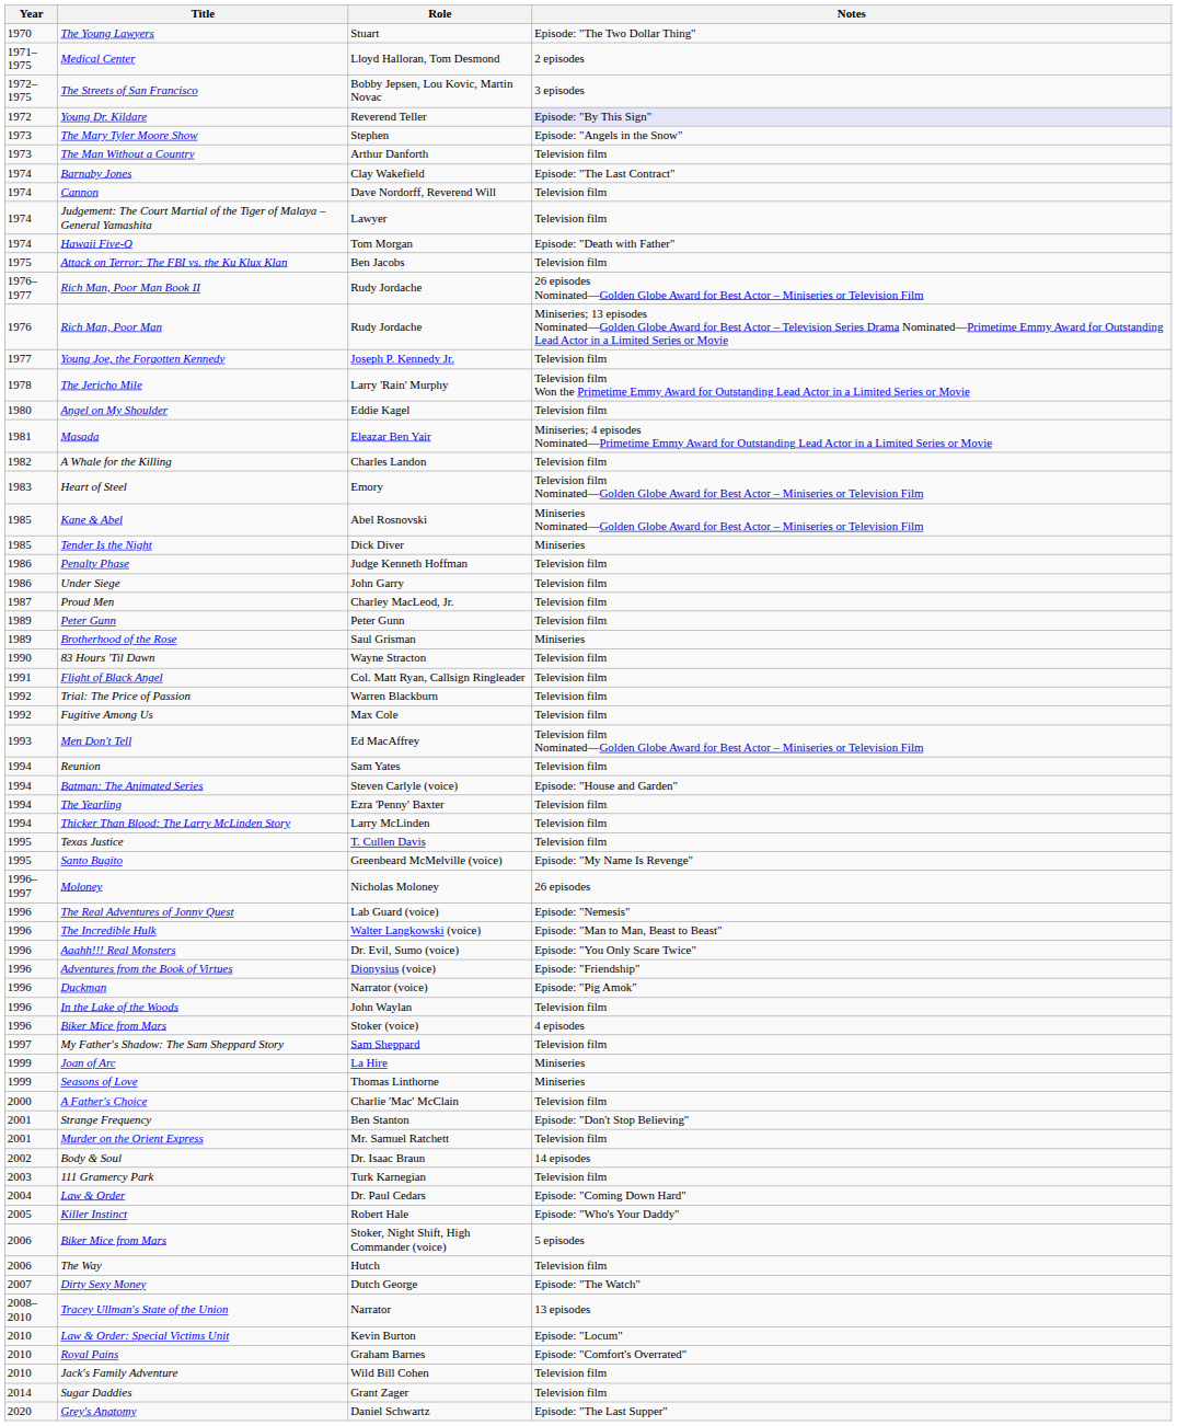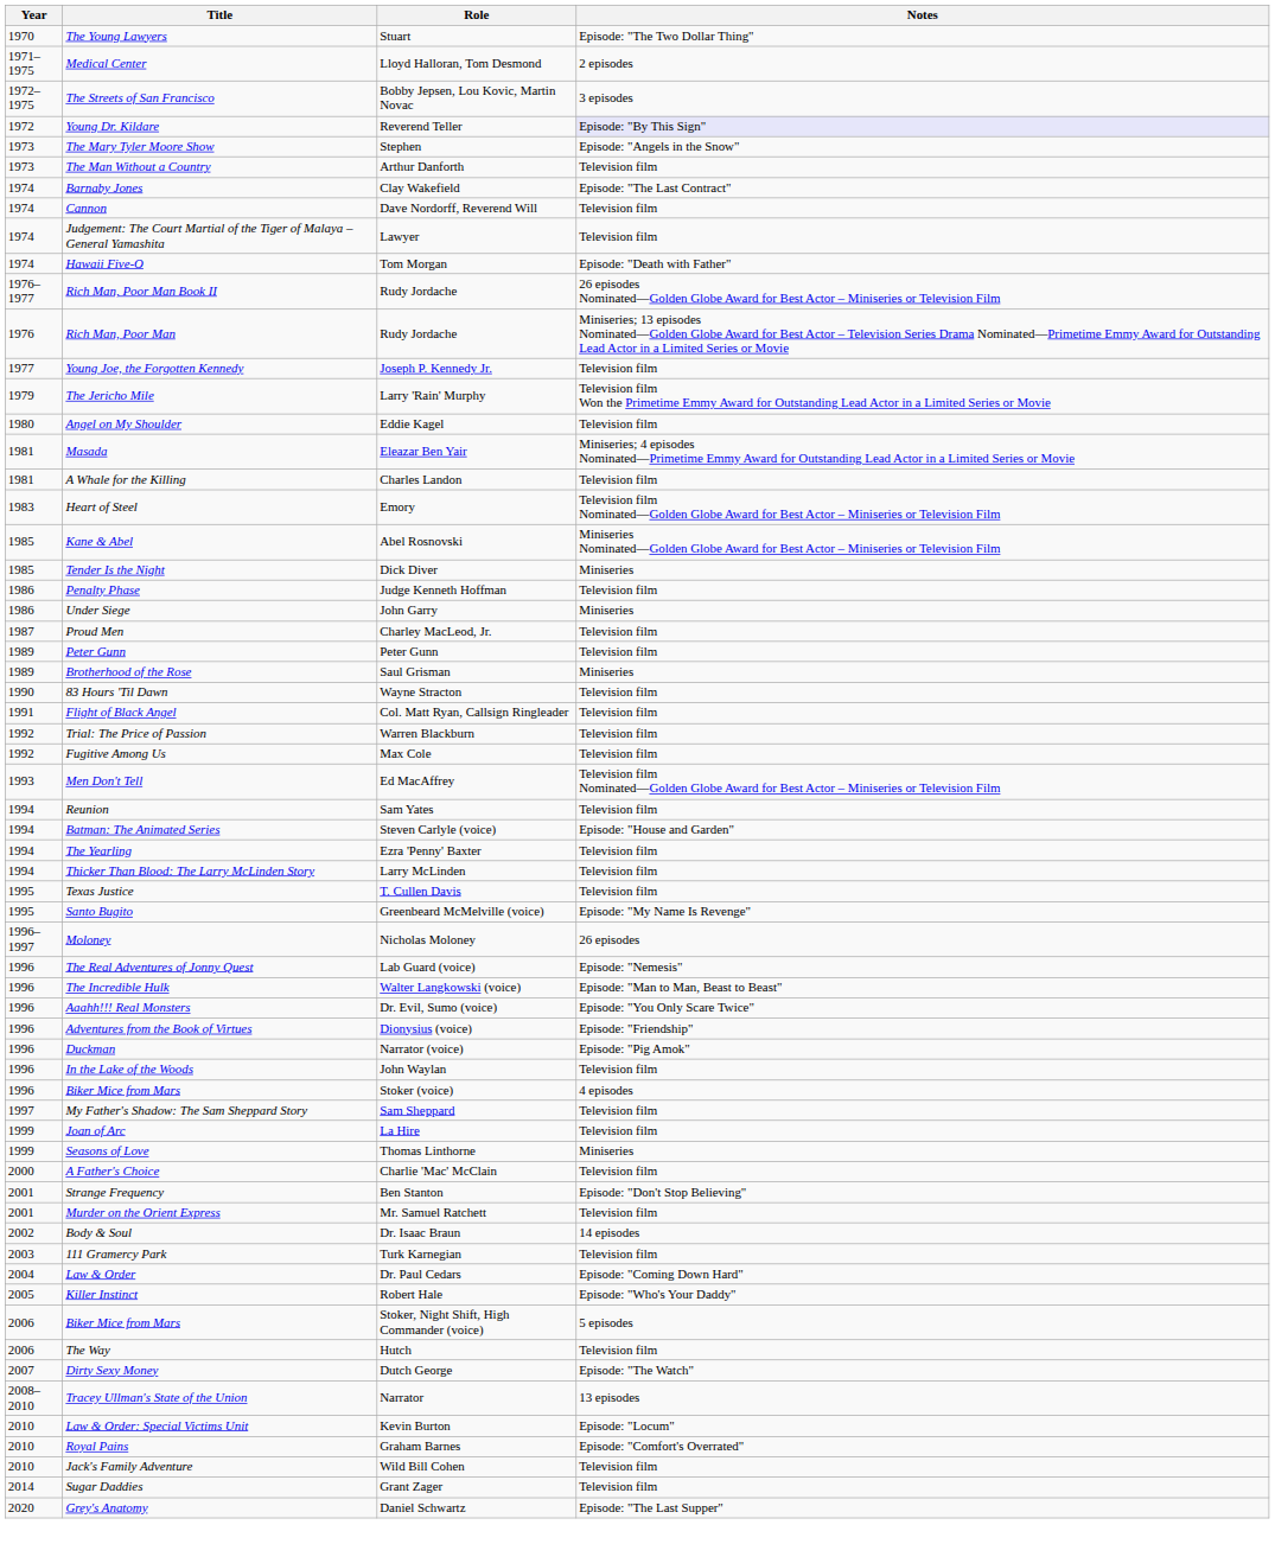 <table class="wikitable sortable">
 <tr>
 <th>Year</th>
 <th>Title</th>
 <th>Role</th>
 <th>Notes</th>
 </tr>
 <tr>
 <td>1970</td>
 <td><em><a href='#'>The Young Lawyers</a></em></td>
 <td>Stuart</td>
 <td>Episode: "The Two Dollar Thing"</td>
 </tr>
 <tr>
 <td>1971–1975</td>
 <td><em><a href='#'>Medical Center</a></em></td>
 <td>Lloyd Halloran, Tom Desmond</td>
 <td>2 episodes</td>
 </tr>
 <tr>
 <td>1972–1975</td>
 <td><em><a href='#'>The Streets of San Francisco</a></em></td>
 <td>Bobby Jepsen, Lou Kovic, Martin Novac</td>
 <td>3 episodes</td>
 </tr>
 <tr>
 <td>1972</td>
 <td><em><a href='#'>Young Dr. Kildare</a></em></td>
 <td>Reverend Teller</td>
 <td style="background: lavender;">Episode: "By This Sign"</td>
 </tr>
 <tr>
 <td>1973</td>
 <td><em><a href='#'>The Mary Tyler Moore Show</a></em></td>
 <td>Stephen</td>
 <td>Episode: "Angels in the Snow"</td>
 </tr>
 <tr>
 <td>1973</td>
 <td><em><a href='#'>The Man Without a Country</a></em></td>
 <td>Arthur Danforth</td>
 <td>Television film</td>
 </tr>
 <tr>
 <td>1974</td>
 <td><em><a href='#'>Barnaby Jones</a></em></td>
 <td>Clay Wakefield</td>
 <td>Episode: "The Last Contract"</td>
 </tr>
 <tr>
 <td>1974</td>
 <td><em><a href='#'>Cannon</a></em></td>
 <td>Dave Nordorff, Reverend Will</td>
 <td>Television film</td>
 </tr>
 <tr>
 <td>1974</td>
 <td><em>Judgement: The Court Martial of the Tiger of Malaya – General Yamashita</em></td>
 <td>Lawyer</td>
 <td>Television film</td>
 </tr>
 <tr>
 <td>1974</td>
 <td><em><a href='#'>Hawaii Five-O</a></em></td>
 <td>Tom Morgan</td>
 <td>Episode: "Death with Father"</td>
 </tr>
 <tr>
-<td>1975</td>
-<td><em><a href='#'>Attack on Terror: The FBI vs. the Ku Klux Klan</a></em></td>
-<td>Ben Jacobs</td>
-<td>Television film</td>
-</tr>
-<tr>
 <td>1976–1977</td>
 <td><em><a href='#'>Rich Man, Poor Man Book II</a></em></td>
 <td>Rudy Jordache</td>
 <td>26 episodes<br>Nominated—<a href='#'>Golden Globe Award for Best Actor – Miniseries or Television Film</a></td>
 </tr>
 <tr>
 <td rowspan="1">1976</td>
 <td><em><a href='#'>Rich Man, Poor Man</a></em></td>
 <td>Rudy Jordache</td>
 <td>Miniseries; 13 episodes<br>Nominated—<a href='#'>Golden Globe Award for Best Actor – Television Series Drama</a> Nominated—<a href='#'>Primetime Emmy Award for Outstanding Lead Actor in a Limited Series or Movie</a></td>
 </tr>
 <tr>
 <td>1977</td>
 <td><em><a href='#'>Young Joe, the Forgotten Kennedy</a></em></td>
 <td><a href='#'>Joseph P. Kennedy Jr.</a></td>
 <td>Television film</td>
 </tr>
 <tr>
-<td>1978</td>
+<td>1979</td>
 <td><em><a href='#'>The Jericho Mile</a></em></td>
 <td>Larry 'Rain' Murphy</td>
 <td>Television film<br>Won the <a href='#'>Primetime Emmy Award for Outstanding Lead Actor in a Limited Series or Movie</a></td>
 </tr>
 <tr>
 <td>1980</td>
 <td><em><a href='#'>Angel on My Shoulder</a></em></td>
 <td>Eddie Kagel</td>
 <td>Television film</td>
 </tr>
 <tr>
 <td rowspan="1">1981</td>
 <td><em><a href='#'>Masada</a></em></td>
 <td><a href='#'>Eleazar Ben Yair</a></td>
 <td>Miniseries; 4 episodes<br>Nominated—<a href='#'>Primetime Emmy Award for Outstanding Lead Actor in a Limited Series or Movie</a></td>
 </tr>
 <tr>
-<td rowspan="1">1982</td>
+<td rowspan="1">1981</td>
 <td><em>A Whale for the Killing</em></td>
 <td>Charles Landon</td>
 <td>Television film</td>
 </tr>
 <tr>
 <td rowspan="1">1983</td>
 <td><em>Heart of Steel</em></td>
 <td>Emory</td>
 <td>Television film<br>Nominated—<a href='#'>Golden Globe Award for Best Actor – Miniseries or Television Film</a></td>
 </tr>
 <tr>
 <td rowspan="1">1985</td>
 <td><em><a href='#'>Kane & Abel</a></em></td>
 <td>Abel Rosnovski</td>
 <td>Miniseries<br>Nominated—<a href='#'>Golden Globe Award for Best Actor – Miniseries or Television Film</a></td>
 </tr>
 <tr>
 <td rowspan="1">1985</td>
 <td><em><a href='#'>Tender Is the Night</a></em></td>
 <td>Dick Diver</td>
 <td>Miniseries</td>
 </tr>
 <tr>
 <td rowspan="1">1986</td>
 <td><em><a href='#'>Penalty Phase</a></em></td>
 <td>Judge Kenneth Hoffman</td>
 <td>Television film</td>
 </tr>
 <tr>
 <td rowspan="1">1986</td>
 <td><em>Under Siege</em></td>
 <td>John Garry</td>
-<td>Television film</td>
+<td>Miniseries</td>
 </tr>
 <tr>
 <td>1987</td>
 <td><em>Proud Men</em></td>
 <td>Charley MacLeod, Jr.</td>
 <td>Television film</td>
 </tr>
 <tr>
 <td rowspan="1">1989</td>
 <td><em><a href='#'>Peter Gunn</a></em></td>
 <td>Peter Gunn</td>
 <td>Television film</td>
 </tr>
 <tr>
 <td rowspan="1">1989</td>
 <td><em><a href='#'>Brotherhood of the Rose</a></em></td>
 <td>Saul Grisman</td>
 <td>Miniseries</td>
 </tr>
 <tr>
 <td>1990</td>
 <td><em>83 Hours 'Til Dawn</em></td>
 <td>Wayne Stracton</td>
 <td>Television film</td>
 </tr>
 <tr>
 <td>1991</td>
 <td><em><a href='#'>Flight of Black Angel</a></em></td>
 <td>Col. Matt Ryan, Callsign Ringleader</td>
 <td>Television film</td>
 </tr>
 <tr>
 <td rowspan="1">1992</td>
 <td><em>Trial: The Price of Passion</em></td>
 <td>Warren Blackburn</td>
 <td>Television film</td>
 </tr>
 <tr>
 <td rowspan="1">1992</td>
 <td><em>Fugitive Among Us</em></td>
 <td>Max Cole</td>
 <td>Television film</td>
 </tr>
 <tr>
 <td>1993</td>
 <td><em><a href='#'>Men Don't Tell</a></em></td>
 <td>Ed MacAffrey</td>
 <td>Television film<br>Nominated—<a href='#'>Golden Globe Award for Best Actor – Miniseries or Television Film</a></td>
 </tr>
 <tr>
 <td rowspan="1">1994</td>
 <td><em>Reunion</em></td>
 <td>Sam Yates</td>
 <td>Television film</td>
 </tr>
 <tr>
 <td rowspan="1">1994</td>
 <td><em><a href='#'>Batman: The Animated Series</a></em></td>
 <td>Steven Carlyle (voice)</td>
 <td>Episode: "House and Garden"</td>
 </tr>
 <tr>
 <td rowspan="1">1994</td>
 <td><em><a href='#'>The Yearling</a></em></td>
 <td>Ezra 'Penny' Baxter</td>
 <td>Television film</td>
 </tr>
 <tr>
 <td rowspan="1">1994</td>
 <td><em><a href='#'>Thicker Than Blood: The Larry McLinden Story</a></em></td>
 <td>Larry McLinden</td>
 <td>Television film</td>
 </tr>
 <tr>
 <td rowspan="1">1995</td>
 <td><em>Texas Justice</em></td>
 <td><a href='#'>T. Cullen Davis</a></td>
 <td>Television film</td>
 </tr>
 <tr>
 <td>1995</td>
 <td><em><a href='#'>Santo Bugito</a></em></td>
 <td>Greenbeard McMelville (voice)</td>
 <td>Episode: "My Name Is Revenge"</td>
 </tr>
 <tr>
 <td>1996–1997</td>
 <td><em><a href='#'>Moloney</a></em></td>
 <td>Nicholas Moloney</td>
 <td>26 episodes</td>
 </tr>
 <tr>
 <td rowspan="1">1996</td>
 <td><em><a href='#'>The Real Adventures of Jonny Quest</a></em></td>
 <td>Lab Guard (voice)</td>
 <td>Episode: "Nemesis"</td>
 </tr>
 <tr>
 <td rowspan="1">1996</td>
 <td><em><a href='#'>The Incredible Hulk</a></em></td>
 <td><a href='#'>Walter Langkowski</a> (voice)</td>
 <td>Episode: "Man to Man, Beast to Beast"</td>
 </tr>
 <tr>
 <td>1996</td>
 <td><em><a href='#'>Aaahh!!! Real Monsters</a></em></td>
 <td>Dr. Evil, Sumo (voice)</td>
 <td>Episode: "You Only Scare Twice"</td>
 </tr>
 <tr>
 <td rowspan="1">1996</td>
 <td><em><a href='#'>Adventures from the Book of Virtues</a></em></td>
 <td><a href='#'>Dionysius</a> (voice)</td>
 <td>Episode: "Friendship"</td>
 </tr>
 <tr>
 <td rowspan="1">1996</td>
 <td><em><a href='#'>Duckman</a></em></td>
 <td>Narrator (voice)</td>
 <td>Episode: "Pig Amok"</td>
 </tr>
 <tr>
 <td rowspan="1">1996</td>
 <td><em><a href='#'>In the Lake of the Woods</a></em></td>
 <td>John Waylan</td>
 <td>Television film</td>
 </tr>
 <tr>
 <td rowspan="1">1996</td>
 <td><em><a href='#'>Biker Mice from Mars</a></em></td>
 <td>Stoker (voice)</td>
 <td>4 episodes</td>
 </tr>
 <tr>
 <td>1997</td>
 <td><em>My Father's Shadow: The Sam Sheppard Story</em></td>
 <td><a href='#'>Sam Sheppard</a></td>
 <td>Television film</td>
 </tr>
 <tr>
 <td rowspan="1">1999</td>
 <td><em><a href='#'>Joan of Arc</a></em></td>
 <td><a href='#'>La Hire</a></td>
-<td>Miniseries</td>
+<td>Television film</td>
 </tr>
 <tr>
 <td rowspan="1">1999</td>
 <td><em><a href='#'>Seasons of Love</a></em></td>
 <td>Thomas Linthorne</td>
 <td>Miniseries</td>
 </tr>
 <tr>
 <td>2000</td>
 <td><em><a href='#'>A Father's Choice</a></em></td>
 <td>Charlie 'Mac' McClain</td>
 <td>Television film</td>
 </tr>
 <tr>
 <td rowspan="1">2001</td>
 <td><em>Strange Frequency</em></td>
 <td>Ben Stanton</td>
 <td>Episode: "Don't Stop Believing"</td>
 </tr>
 <tr>
 <td rowspan="1">2001</td>
 <td><em><a href='#'>Murder on the Orient Express</a></em></td>
 <td>Mr. Samuel Ratchett</td>
 <td>Television film</td>
 </tr>
 <tr>
 <td>2002</td>
 <td><em>Body & Soul</em></td>
 <td>Dr. Isaac Braun</td>
 <td>14 episodes</td>
 </tr>
 <tr>
 <td rowspan="1">2003</td>
 <td><em>111 Gramercy Park</em></td>
 <td>Turk Karnegian</td>
 <td>Television film</td>
 </tr>
 <tr>
 <td>2004</td>
 <td><em><a href='#'>Law & Order</a></em></td>
 <td>Dr. Paul Cedars</td>
 <td>Episode: "Coming Down Hard"</td>
 </tr>
 <tr>
 <td rowspan="1">2005</td>
 <td><em><a href='#'>Killer Instinct</a></em></td>
 <td>Robert Hale</td>
 <td>Episode: "Who's Your Daddy"</td>
 </tr>
 <tr>
 <td rowspan="1">2006</td>
 <td><em><a href='#'>Biker Mice from Mars</a></em></td>
 <td>Stoker, Night Shift, High Commander (voice)</td>
 <td>5 episodes</td>
 </tr>
 <tr>
 <td rowspan="1">2006</td>
 <td><em>The Way</em></td>
 <td>Hutch</td>
 <td>Television film</td>
 </tr>
 <tr>
 <td rowspan="1">2007</td>
 <td><em><a href='#'>Dirty Sexy Money</a></em></td>
 <td>Dutch George</td>
 <td>Episode: "The Watch"</td>
 </tr>
 <tr>
 <td>2008–2010</td>
 <td><em><a href='#'>Tracey Ullman's State of the Union</a></em></td>
 <td>Narrator</td>
 <td>13 episodes</td>
 </tr>
 <tr>
 <td rowspan="1">2010</td>
 <td><em><a href='#'>Law & Order: Special Victims Unit</a></em></td>
 <td>Kevin Burton</td>
 <td>Episode: "Locum"</td>
 </tr>
 <tr>
 <td rowspan="1">2010</td>
 <td><em><a href='#'>Royal Pains</a></em></td>
 <td>Graham Barnes</td>
 <td>Episode: "Comfort's Overrated"</td>
 </tr>
 <tr>
 <td rowspan="1">2010</td>
 <td><em>Jack's Family Adventure</em></td>
 <td>Wild Bill Cohen</td>
 <td>Television film</td>
 </tr>
 <tr>
 <td>2014</td>
 <td><em>Sugar Daddies</em></td>
 <td>Grant Zager</td>
 <td>Television film</td>
 </tr>
 <tr>
 <td>2020</td>
 <td><em><a href='#'>Grey's Anatomy</a></em></td>
 <td>Daniel Schwartz</td>
 <td>Episode: "The Last Supper"</td>
 </tr>
 </table>
